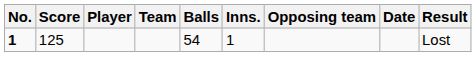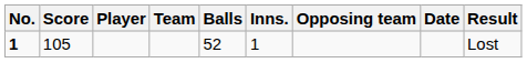 <table class="wikitable sortable" style="font-size:95%">
 <tr>
 <th>No.</th>
 <th>Score</th>
 <th>Player</th>
 <th>Team</th>
 <th>Balls</th>
 <th>Inns.</th>
 <th>Opposing team</th>
 <th>Date</th>
 <th>Result</th>
 </tr>
 <tr>
 <td><strong>1</strong></td>
-<td> 125</td>
+<td> 105</td>
 <td></td>
 <td></td>
-<td>54</td>
+<td>52</td>
 <td>1</td>
 <td></td>
 <td></td>
 <td>Lost</td>
 </tr>
 </table>
